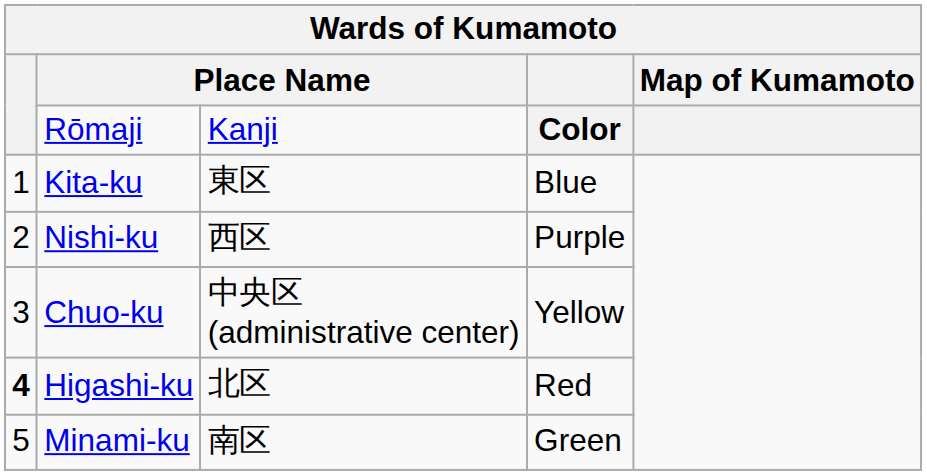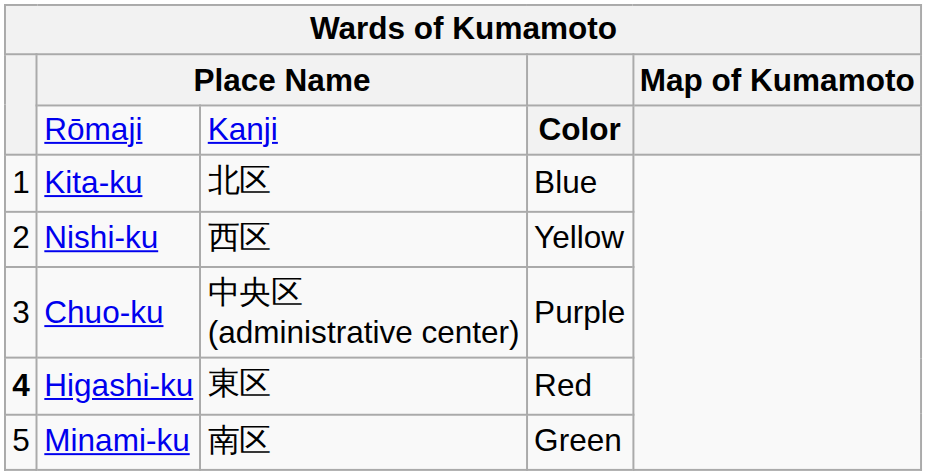 <table class="wikitable">
 <tr>
 <th colspan="5">Wards of Kumamoto</th>
 </tr>
 <tr>
 <th rowspan="2"></th>
 <th colspan="2">Place Name</th>
 <th></th>
 <th>Map of Kumamoto</th>
 </tr>
 <tr>
 <td><a href='#'>Rōmaji</a></td>
 <td><a href='#'>Kanji</a></td>
 <th>Color</th>
 <th></th>
 </tr>
 <tr>
 <td style="text-align: center;" "width: 20px;">1</td>
 <td><a href='#'>Kita-ku</a></td>
-<td>東区</td>
+<td>北区</td>
 <td>Blue</td>
 <td rowspan="5"><div><br> </div></td>
 </tr>
 <tr>
 <td style="text-align: center;">2</td>
 <td><a href='#'>Nishi-ku</a></td>
 <td>西区</td>
-<td>Purple</td>
+<td>Yellow</td>
 </tr>
 <tr>
 <td style="text-align: center;">3</td>
 <td><a href='#'>Chuo-ku</a></td>
 <td>中央区<br>(administrative center)</td>
-<td>Yellow</td>
+<td>Purple</td>
 </tr>
 <tr>
 <td style="text-align: center;"><strong>4</strong></td>
 <td><a href='#'>Higashi-ku</a></td>
-<td>北区</td>
+<td>東区</td>
 <td>Red</td>
 </tr>
 <tr>
 <td style="text-align: center;">5</td>
 <td><a href='#'>Minami-ku</a></td>
 <td>南区</td>
 <td>Green</td>
 </tr>
 </table>
